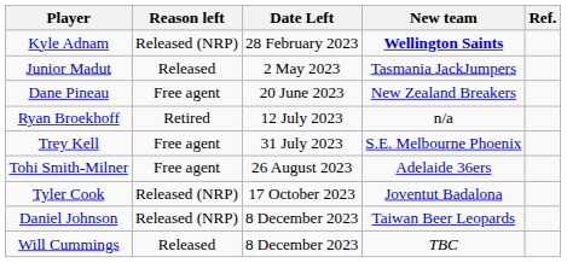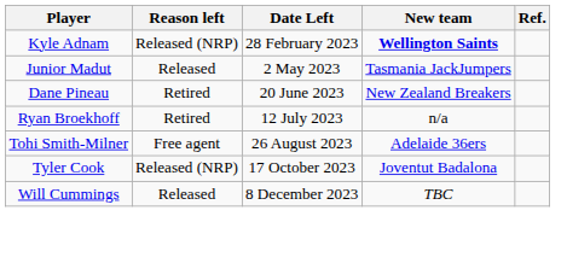 <table class="wikitable sortable sortable" style="text-align: center">
 <tr>
 <th>Player</th>
 <th>Reason left</th>
 <th>Date Left</th>
 <th>New team</th>
 <th>Ref.</th>
 </tr>
 <tr>
 <td><a href='#'>Kyle Adnam</a></td>
 <td>Released (NRP)</td>
 <td>28 February 2023</td>
 <td><strong><a href='#'>Wellington Saints</a></strong></td>
 <td></td>
 </tr>
 <tr>
 <td><a href='#'>Junior Madut</a></td>
 <td>Released</td>
 <td>2 May 2023</td>
 <td><a href='#'>Tasmania JackJumpers</a></td>
 <td></td>
 </tr>
 <tr>
 <td><a href='#'>Dane Pineau</a></td>
-<td>Free agent</td>
+<td>Retired</td>
 <td>20 June 2023</td>
 <td><a href='#'>New Zealand Breakers</a></td>
 <td></td>
 </tr>
 <tr>
 <td><a href='#'>Ryan Broekhoff</a></td>
 <td>Retired</td>
 <td>12 July 2023</td>
 <td>n/a</td>
-<td></td>
-</tr>
-<tr>
-<td><a href='#'>Trey Kell</a></td>
-<td>Free agent</td>
-<td>31 July 2023</td>
-<td><a href='#'>S.E. Melbourne Phoenix</a></td>
 <td></td>
 </tr>
 <tr>
 <td><a href='#'>Tohi Smith-Milner</a></td>
 <td>Free agent</td>
 <td>26 August 2023</td>
 <td><a href='#'>Adelaide 36ers</a></td>
 <td></td>
 </tr>
 <tr>
 <td><a href='#'>Tyler Cook</a></td>
 <td>Released (NRP)</td>
 <td>17 October 2023</td>
 <td><a href='#'>Joventut Badalona</a></td>
 <td></td>
 </tr>
 <tr>
-<td><a href='#'>Daniel Johnson</a></td>
-<td>Released (NRP)</td>
-<td>8 December 2023</td>
-<td><a href='#'>Taiwan Beer Leopards</a></td>
-<td></td>
-</tr>
-<tr>
 <td><a href='#'>Will Cummings</a></td>
 <td>Released</td>
 <td>8 December 2023</td>
 <td><em>TBC</em></td>
 <td></td>
 </tr>
 </table>
